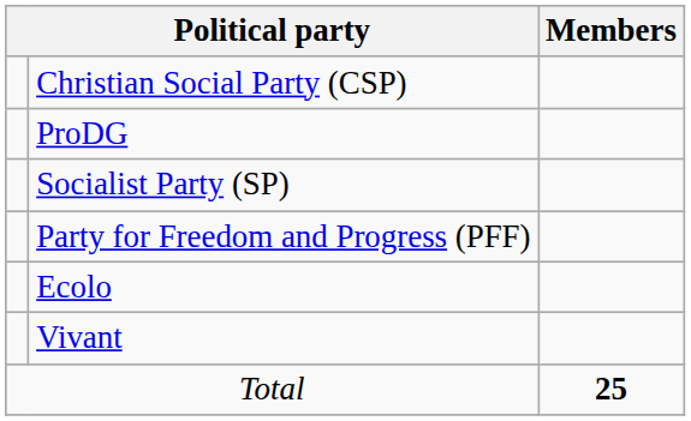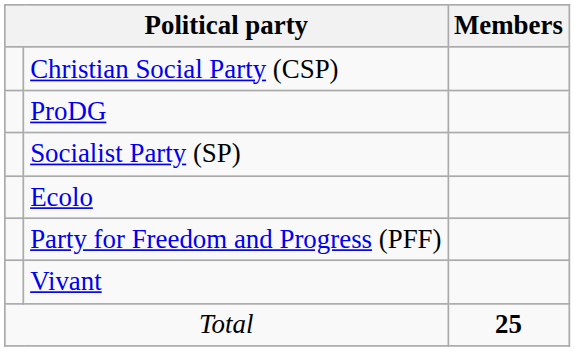 <table class="wikitable">
 <tr valign="bottom">
 <th colspan="2">Political party</th>
 <th>Members</th>
 </tr>
 <tr>
 <td> </td>
 <td><a href='#'>Christian Social Party</a> (CSP)</td>
 <td></td>
 </tr>
 <tr>
 <td> </td>
 <td><a href='#'>ProDG</a></td>
 <td></td>
 </tr>
 <tr>
 <td> </td>
 <td><a href='#'>Socialist Party</a> (SP)</td>
 <td></td>
 </tr>
 <tr>
 <td> </td>
-<td><a href='#'>Party for Freedom and Progress</a> (PFF)</td>
+<td><a href='#'>Ecolo</a></td>
 <td></td>
 </tr>
 <tr>
 <td> </td>
-<td><a href='#'>Ecolo</a></td>
+<td><a href='#'>Party for Freedom and Progress</a> (PFF)</td>
 <td></td>
 </tr>
 <tr>
 <td> </td>
 <td><a href='#'>Vivant</a></td>
 <td></td>
 </tr>
 <tr>
 <td colspan="2" align="center"><em>Total</em></td>
 <td align="center"><strong>25</strong></td>
 </tr>
 </table>
